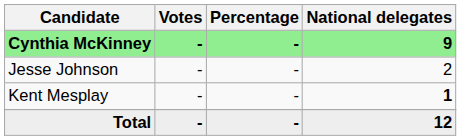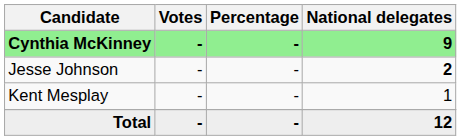 <table class="wikitable" style=" text-align:right;">
 <tr>
 <th>Candidate</th>
 <th>Votes</th>
 <th>Percentage</th>
 <th>National delegates</th>
 </tr>
 <tr style="background:lightgreen;">
 <td style="text-align:left;"><strong>Cynthia McKinney</strong></td>
 <td><strong>-</strong></td>
 <td><strong>-</strong></td>
 <td><strong>9</strong></td>
 </tr>
 <tr>
 <td style="text-align:left;">Jesse Johnson</td>
 <td>-</td>
 <td>-</td>
-<td>2</td>
+<td><strong>2</strong></td>
 </tr>
 <tr>
 <td style="text-align:left;">Kent Mesplay</td>
 <td>-</td>
 <td>-</td>
-<td><strong>1</strong></td>
+<td>1</td>
 </tr>
 <tr>
 </tr>
 <tr style="background:#eee;">
 <td style="margin-right:0.50px"><strong>Total</strong></td>
 <td style="margin-right:0.50px"><strong>-</strong></td>
 <td style="margin-right:0.50px"><strong>-</strong></td>
 <td style="margin-right:0.50px"><strong>12</strong></td>
 </tr>
 </table>
